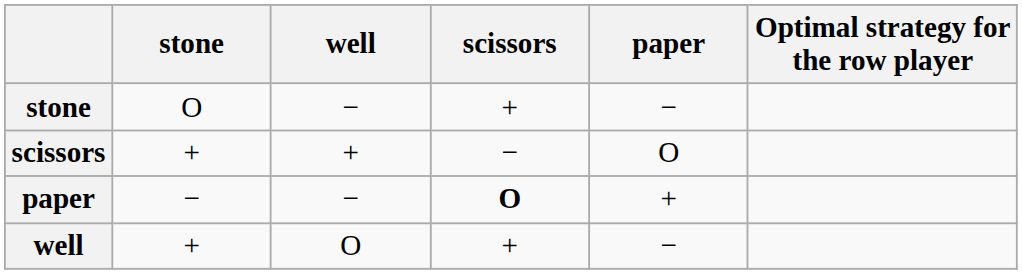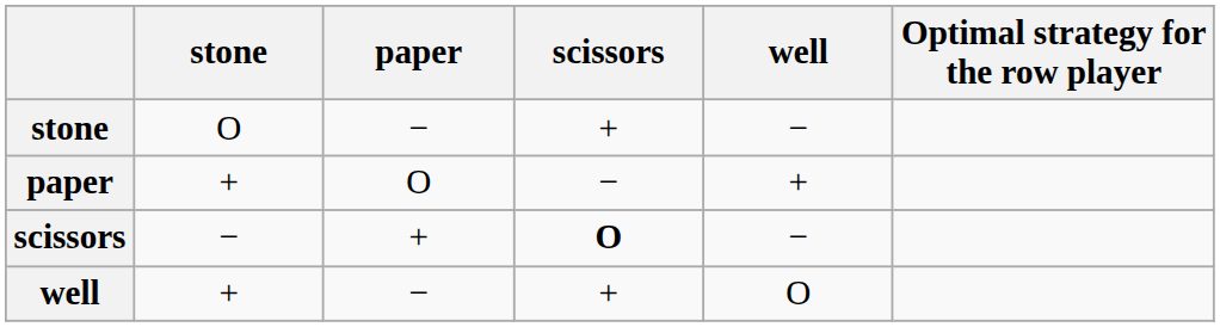 <table class="wikitable">
 <tr>
 <th></th>
 <th style=min-width:5em>stone</th>
+<th style=min-width:5em>paper</th>
+<th style=min-width:5em>scissors</th>
 <th style=min-width:5em>well</th>
-<th style=min-width:5em>scissors</th>
-<th style=min-width:5em>paper</th>
 <th nowrap>Optimal strategy for<br>the row player</th>
 </tr>
 <tr style="text-align: center;">
 <th scope=row>stone</th>
 <td>O</td>
 <td>−</td>
 <td>+</td>
 <td>−</td>
 <td></td>
 </tr>
 <tr style="text-align: center;">
-<th scope=row>scissors</th>
+<th scope=row>paper</th>
 <td>+</td>
+<td>O</td>
+<td>−</td>
 <td>+</td>
-<td>−</td>
-<td>O</td>
 <td></td>
 </tr>
 <tr style="text-align: center;">
-<th scope=row>paper</th>
+<th scope=row>scissors</th>
 <td>−</td>
+<td>+</td>
+<td><strong>O</strong></td>
 <td>−</td>
-<td><strong>O</strong></td>
-<td>+</td>
 <td></td>
 </tr>
 <tr style="text-align: center;">
 <th scope=row>well</th>
 <td>+</td>
+<td>−</td>
+<td>+</td>
 <td>O</td>
-<td>+</td>
-<td>−</td>
 <td></td>
 </tr>
 </table>
